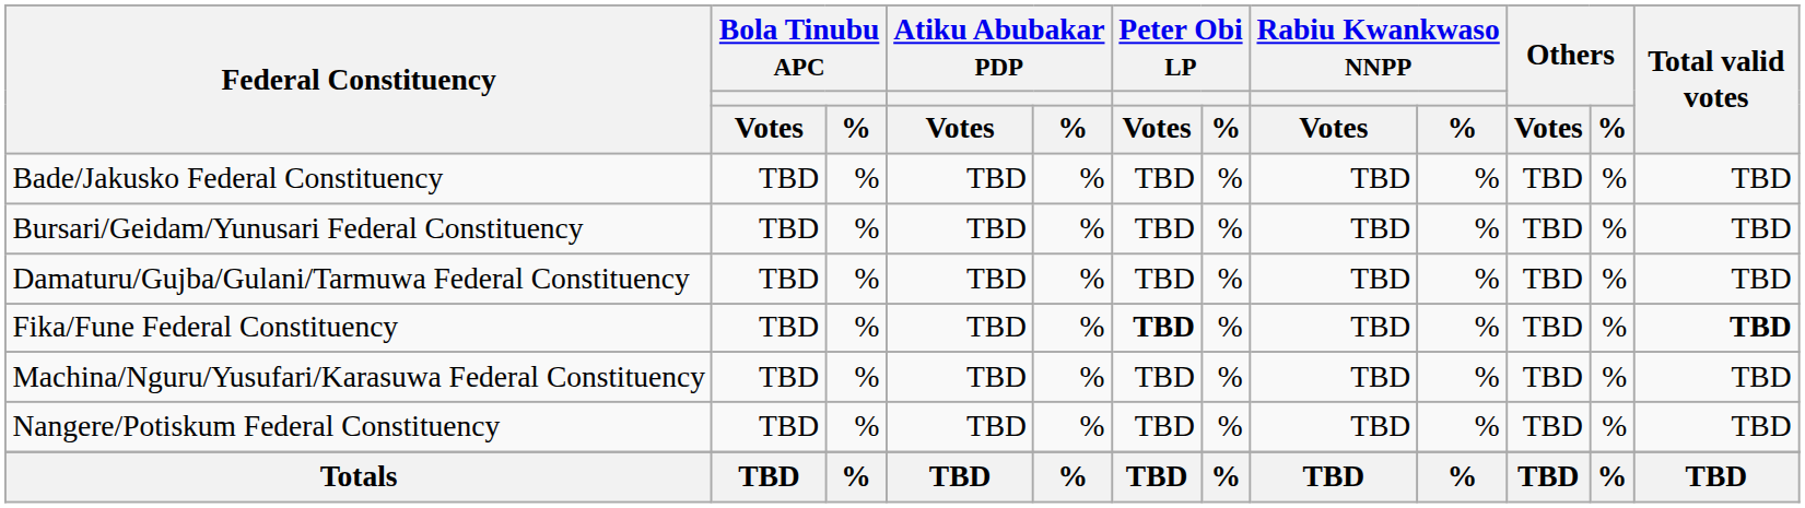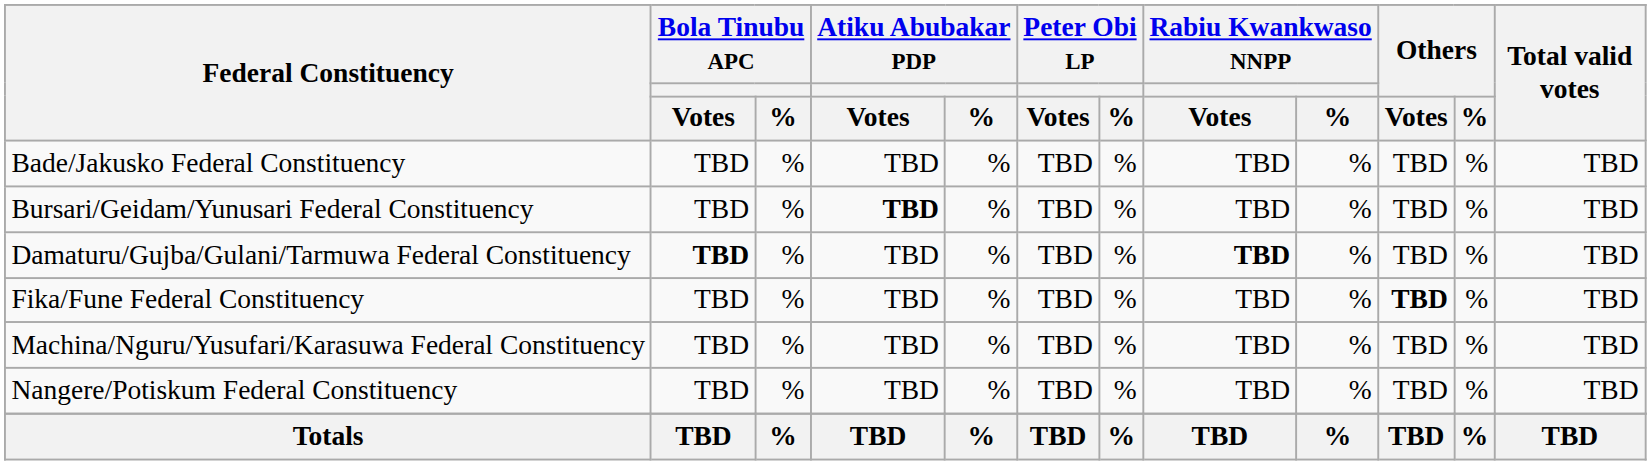 <table class="wikitable sortable" style="text-align:right; font-size:90%">
 <tr>
 <th rowspan="3" style="max-width:7.5em;">Federal Constituency</th>
 <th colspan="2"><a href='#'>Bola Tinubu</a><br><small>APC</small></th>
 <th colspan="2"><a href='#'>Atiku Abubakar</a><br><small>PDP</small></th>
 <th colspan="2"><a href='#'>Peter Obi</a><br><small>LP</small></th>
 <th colspan="2"><a href='#'>Rabiu Kwankwaso</a><br><small>NNPP</small></th>
 <th colspan="2" rowspan="2">Others</th>
 <th rowspan="3" style="max-width:5em;">Total valid votes</th>
 </tr>
 <tr>
 <th colspan=2 style="background-color:"></th>
 <th colspan=2 style="background-color:"></th>
 <th colspan=2 style="background-color:"></th>
 <th colspan=2 style="background-color:"></th>
 </tr>
 <tr>
 <th>Votes</th>
 <th>%</th>
 <th>Votes</th>
 <th>%</th>
 <th>Votes</th>
 <th>%</th>
 <th>Votes</th>
 <th>%</th>
 <th>Votes</th>
 <th>%</th>
 </tr>
 <tr style="background-color:#">
 <td style="text-align:left;">Bade/Jakusko Federal Constituency</td>
 <td>TBD</td>
 <td>%</td>
 <td>TBD</td>
 <td>%</td>
 <td>TBD</td>
 <td>%</td>
 <td>TBD</td>
 <td>%</td>
 <td>TBD</td>
 <td>%</td>
 <td>TBD</td>
 </tr>
 <tr style="background-color:#">
 <td style="text-align:left;">Bursari/Geidam/Yunusari Federal Constituency</td>
 <td>TBD</td>
 <td>%</td>
-<td>TBD</td>
+<td><strong>TBD</strong></td>
 <td>%</td>
 <td>TBD</td>
 <td>%</td>
 <td>TBD</td>
 <td>%</td>
 <td>TBD</td>
 <td>%</td>
 <td>TBD</td>
 </tr>
 <tr style="background-color:#">
 <td style="text-align:left;">Damaturu/Gujba/Gulani/Tarmuwa Federal Constituency</td>
-<td>TBD</td>
+<td><strong>TBD</strong></td>
 <td>%</td>
 <td>TBD</td>
 <td>%</td>
 <td>TBD</td>
 <td>%</td>
-<td>TBD</td>
+<td><strong>TBD</strong></td>
 <td>%</td>
 <td>TBD</td>
 <td>%</td>
 <td>TBD</td>
 </tr>
 <tr style="background-color:#">
 <td style="text-align:left;">Fika/Fune Federal Constituency</td>
 <td>TBD</td>
 <td>%</td>
 <td>TBD</td>
 <td>%</td>
-<td><strong>TBD</strong></td>
-<td>%</td>
 <td>TBD</td>
 <td>%</td>
 <td>TBD</td>
 <td>%</td>
 <td><strong>TBD</strong></td>
+<td>%</td>
+<td>TBD</td>
 </tr>
 <tr style="background-color:#">
 <td style="text-align:left;">Machina/Nguru/Yusufari/Karasuwa Federal Constituency</td>
 <td>TBD</td>
 <td>%</td>
 <td>TBD</td>
 <td>%</td>
 <td>TBD</td>
 <td>%</td>
 <td>TBD</td>
 <td>%</td>
 <td>TBD</td>
 <td>%</td>
 <td>TBD</td>
 </tr>
 <tr style="background-color:#">
 <td style="text-align:left;">Nangere/Potiskum Federal Constituency</td>
 <td>TBD</td>
 <td>%</td>
 <td>TBD</td>
 <td>%</td>
 <td>TBD</td>
 <td>%</td>
 <td>TBD</td>
 <td>%</td>
 <td>TBD</td>
 <td>%</td>
 <td>TBD</td>
 </tr>
 <tr>
 </tr>
 <tr>
 <th>Totals</th>
 <th>TBD</th>
 <th>%</th>
 <th>TBD</th>
 <th>%</th>
 <th>TBD</th>
 <th>%</th>
 <th>TBD</th>
 <th>%</th>
 <th>TBD</th>
 <th>%</th>
 <th>TBD</th>
 </tr>
 </table>
